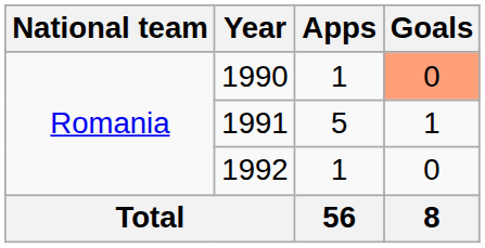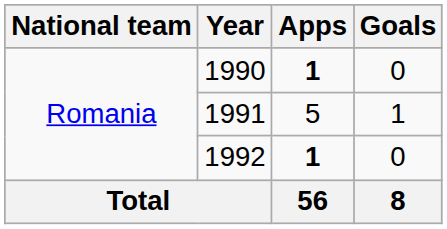 <table class="wikitable" style="text-align:center">
 <tr>
 <th>National team</th>
 <th>Year</th>
 <th>Apps</th>
 <th>Goals</th>
 </tr>
 <tr>
 <td rowspan="3"><a href='#'>Romania</a></td>
 <td>1990</td>
-<td>1</td>
-<td style="background: lightsalmon;">0</td>
+<td><strong>1</strong></td>
+<td>0</td>
 </tr>
 <tr>
 <td>1991</td>
 <td>5</td>
 <td>1</td>
 </tr>
 <tr>
 <td>1992</td>
-<td>1</td>
+<td><strong>1</strong></td>
 <td>0</td>
 </tr>
 <tr>
 <th colspan="2">Total</th>
 <th>56</th>
 <th>8</th>
 </tr>
 </table>
